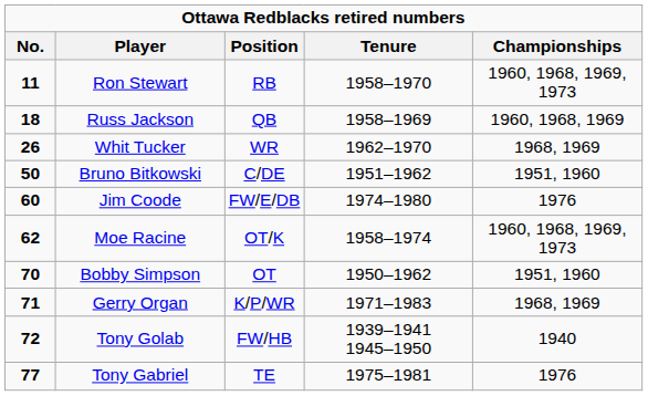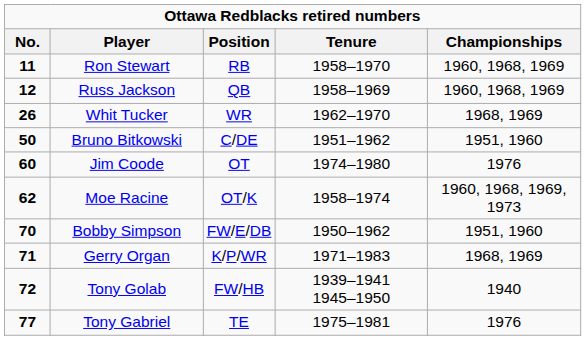 <table class="wikitable floatleft" style="text-align:center">
 <tr>
 <td colspan="5"><strong>Ottawa Redblacks retired numbers</strong></td>
 </tr>
 <tr>
 <th style="width:40px; ">No.</th>
 <th style="width:150px; ">Player</th>
 <th style="width:40px; ">Position</th>
 <th style="width:150px; ">Tenure</th>
 <th style="width:150px; ">Championships</th>
 </tr>
 <tr>
 <td><strong>11</strong></td>
 <td><a href='#'>Ron Stewart</a></td>
 <td><a href='#'>RB</a></td>
 <td>1958–1970</td>
-<td>1960, 1968, 1969, 1973</td>
+<td>1960, 1968, 1969</td>
 </tr>
 <tr>
-<td><strong>18</strong></td>
+<td><strong>12</strong></td>
 <td><a href='#'>Russ Jackson</a></td>
 <td><a href='#'>QB</a></td>
 <td>1958–1969</td>
 <td>1960, 1968, 1969</td>
 </tr>
 <tr>
 <td><strong>26</strong></td>
 <td><a href='#'>Whit Tucker</a></td>
 <td><a href='#'>WR</a></td>
 <td>1962–1970</td>
 <td>1968, 1969</td>
 </tr>
 <tr>
 <td><strong>50</strong></td>
 <td><a href='#'>Bruno Bitkowski</a></td>
 <td><a href='#'>C</a>/<a href='#'>DE</a></td>
 <td>1951–1962</td>
 <td>1951, 1960</td>
 </tr>
 <tr>
 <td><strong>60</strong></td>
 <td><a href='#'>Jim Coode</a></td>
-<td><a href='#'>FW</a>/<a href='#'>E</a>/<a href='#'>DB</a></td>
+<td><a href='#'>OT</a></td>
 <td>1974–1980</td>
 <td>1976</td>
 </tr>
 <tr>
 <td><strong>62</strong></td>
 <td><a href='#'>Moe Racine</a></td>
 <td><a href='#'>OT</a>/<a href='#'>K</a></td>
 <td>1958–1974</td>
 <td>1960, 1968, 1969, 1973</td>
 </tr>
 <tr>
 <td><strong>70</strong></td>
 <td><a href='#'>Bobby Simpson</a></td>
-<td><a href='#'>OT</a></td>
+<td><a href='#'>FW</a>/<a href='#'>E</a>/<a href='#'>DB</a></td>
 <td>1950–1962</td>
 <td>1951, 1960</td>
 </tr>
 <tr>
 <td><strong>71</strong></td>
 <td><a href='#'>Gerry Organ</a></td>
 <td><a href='#'>K</a>/<a href='#'>P</a>/<a href='#'>WR</a></td>
 <td>1971–1983</td>
 <td>1968, 1969</td>
 </tr>
 <tr>
 <td><strong>72</strong></td>
 <td><a href='#'>Tony Golab</a></td>
 <td><a href='#'>FW</a>/<a href='#'>HB</a></td>
 <td>1939–1941<br>1945–1950</td>
 <td>1940</td>
 </tr>
 <tr>
 <td><strong>77</strong></td>
 <td><a href='#'>Tony Gabriel</a></td>
 <td><a href='#'>TE</a></td>
 <td>1975–1981</td>
 <td>1976</td>
 </tr>
 </table>
